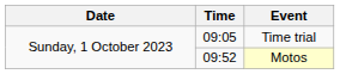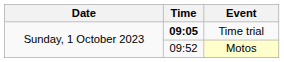 <table class = "wikitable" style="text-align:center;">
 <tr>
 <th width=220>Date</th>
 <th width=50>Time</th>
 <th width=100>Event</th>
 </tr>
 <tr>
 <td rowspan=2>Sunday, 1 October 2023</td>
-<td>09:05</td>
+<td><strong>09:05</strong></td>
 <td>Time trial</td>
 </tr>
 <tr>
 <td>09:52</td>
 <td bgcolor=ffffcc>Motos</td>
 </tr>
 </table>
